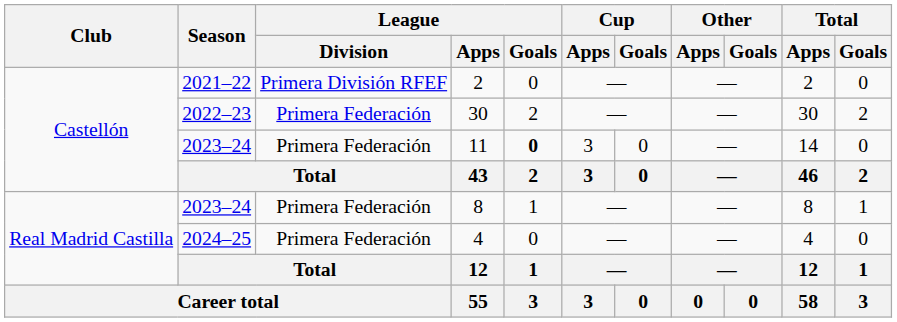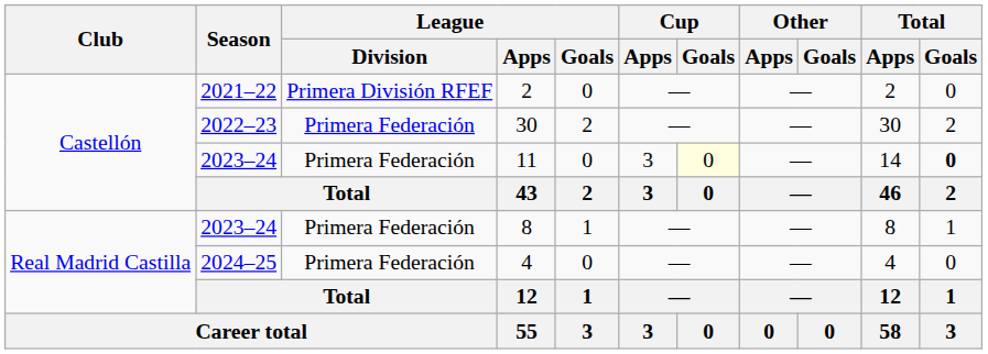 <table class="wikitable" style="text-align:center">
 <tr>
 <th rowspan="2">Club</th>
 <th rowspan="2">Season</th>
 <th colspan="3">League</th>
 <th colspan="2">Cup</th>
 <th colspan="2">Other</th>
 <th colspan="3">Total</th>
 </tr>
 <tr>
 <th>Division</th>
 <th>Apps</th>
 <th>Goals</th>
 <th>Apps</th>
 <th>Goals</th>
 <th>Apps</th>
 <th>Goals</th>
 <th>Apps</th>
 <th>Goals</th>
 </tr>
 <tr>
 <td rowspan="4"><a href='#'>Castellón</a></td>
 <td><a href='#'>2021–22</a></td>
 <td><a href='#'>Primera División RFEF</a></td>
 <td>2</td>
 <td>0</td>
 <td colspan="2">—</td>
 <td colspan="2">—</td>
 <td>2</td>
 <td>0</td>
 </tr>
 <tr>
 <td><a href='#'>2022–23</a></td>
 <td><a href='#'>Primera Federación</a></td>
 <td>30</td>
 <td>2</td>
 <td colspan="2">—</td>
 <td colspan="2">—</td>
 <td>30</td>
 <td>2</td>
 </tr>
 <tr>
 <td><a href='#'>2023–24</a></td>
 <td>Primera Federación</td>
 <td>11</td>
-<td><strong>0</strong></td>
+<td>0</td>
 <td>3</td>
-<td>0</td>
+<td style="background: lightyellow;">0</td>
 <td colspan="2">—</td>
 <td>14</td>
-<td>0</td>
+<td><strong>0</strong></td>
 </tr>
 <tr>
 <th colspan="2">Total</th>
 <th>43</th>
 <th>2</th>
 <th>3</th>
 <th>0</th>
 <th colspan="2">—</th>
 <th>46</th>
 <th>2</th>
 </tr>
 <tr>
 <td rowspan="3"><a href='#'>Real Madrid Castilla</a></td>
 <td><a href='#'>2023–24</a></td>
 <td>Primera Federación</td>
 <td>8</td>
 <td>1</td>
 <td colspan="2">—</td>
 <td colspan="2">—</td>
 <td>8</td>
 <td>1</td>
 </tr>
 <tr>
 <td><a href='#'>2024–25</a></td>
 <td>Primera Federación</td>
 <td>4</td>
 <td>0</td>
 <td colspan="2">—</td>
 <td colspan="2">—</td>
 <td>4</td>
 <td>0</td>
 </tr>
 <tr>
 <th colspan="2">Total</th>
 <th>12</th>
 <th>1</th>
 <th colspan="2">—</th>
 <th colspan="2">—</th>
 <th>12</th>
 <th>1</th>
 </tr>
 <tr>
 <th colspan="3">Career total</th>
 <th>55</th>
 <th>3</th>
 <th>3</th>
 <th>0</th>
 <th>0</th>
 <th>0</th>
 <th>58</th>
 <th>3</th>
 </tr>
 </table>
